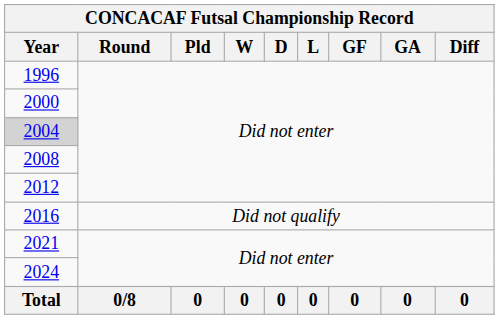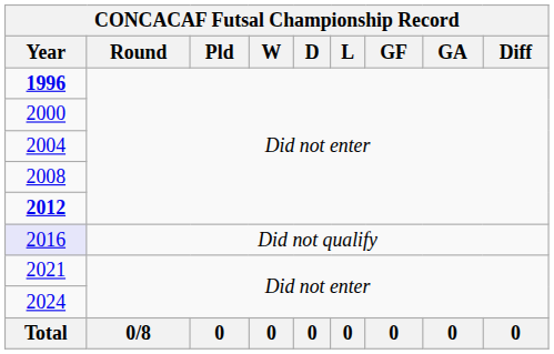 <table class="wikitable" width="50%" style="text-align:center;">
 <tr>
 <th colspan="9">CONCACAF Futsal Championship Record</th>
 </tr>
 <tr>
 <th>Year</th>
 <th>Round</th>
 <th>Pld</th>
 <th>W</th>
 <th>D</th>
 <th>L</th>
 <th>GF</th>
 <th>GA</th>
 <th>Diff</th>
 </tr>
 <tr>
-<td> <a href='#'>1996</a></td>
+<td><strong> <a href='#'>1996</a></strong></td>
 <td colspan="8" rowspan="5"><em>Did not enter</em></td>
 </tr>
 <tr>
 <td> <a href='#'>2000</a></td>
 </tr>
 <tr>
-<td style="background: lightgrey;"> <a href='#'>2004</a></td>
+<td> <a href='#'>2004</a></td>
 </tr>
 <tr>
 <td> <a href='#'>2008</a></td>
 </tr>
 <tr>
-<td> <a href='#'>2012</a></td>
+<td><strong> <a href='#'>2012</a></strong></td>
 </tr>
 <tr>
-<td> <a href='#'>2016</a></td>
+<td style="background: lavender;"> <a href='#'>2016</a></td>
 <td colspan="8" rowspan="1"><em>Did not qualify</em></td>
 </tr>
 <tr>
 <td> <a href='#'>2021</a></td>
 <td colspan="8" rowspan="2"><em>Did not enter</em></td>
 </tr>
 <tr>
 <td> <a href='#'>2024</a></td>
 </tr>
 <tr>
 <th>Total</th>
 <th>0/8</th>
 <th>0</th>
 <th>0</th>
 <th>0</th>
 <th>0</th>
 <th>0</th>
 <th>0</th>
 <th>0</th>
 </tr>
 </table>
